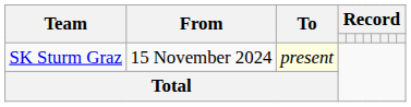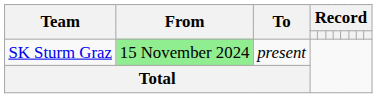 <table class="wikitable" style="text-align: center">
 <tr>
 <th rowspan="2">Team</th>
 <th rowspan="2">From</th>
 <th rowspan="2">To</th>
 <th colspan="8">Record</th>
 </tr>
 <tr>
 <th></th>
 <th></th>
 <th></th>
 <th></th>
 <th></th>
 <th></th>
 <th></th>
 <th></th>
 </tr>
 <tr>
 <td align=left><a href='#'>SK Sturm Graz</a></td>
-<td align=left>15 November 2024</td>
-<td align=left style="background: lightyellow;"><em>present</em><br></td>
+<td align=left style="background: lightgreen;">15 November 2024</td>
+<td align=left><em>present</em><br></td>
 </tr>
 <tr>
 <th colspan="3">Total<br></th>
 </tr>
 </table>
